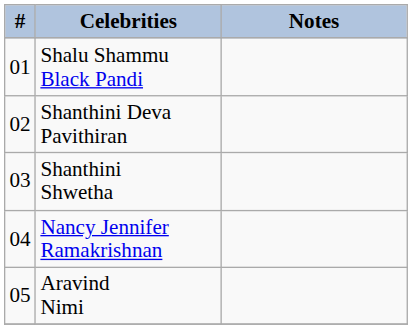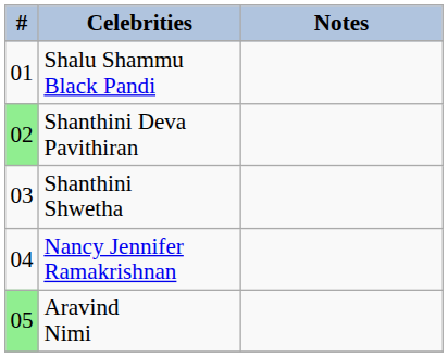 <table class="wikitable">
 <tr>
 <th style="width:10pt; background:LightSteelBlue;">#</th>
 <th style="width:100pt; background:LightSteelBlue;">Celebrities</th>
 <th style="width:100pt; background:LightSteelBlue;">Notes</th>
 </tr>
 <tr>
 </tr>
 <tr>
 <td>01</td>
 <td>Shalu Shammu <br> <a href='#'>Black Pandi</a></td>
 <td></td>
 </tr>
 <tr 2nd runner up>
-<td>02</td>
+<td style="background: lightgreen;">02</td>
 <td>Shanthini Deva <br> Pavithiran</td>
 <td></td>
 </tr>
 <tr 1st runner up>
 <td>03</td>
 <td>Shanthini  <br> Shwetha</td>
 <td></td>
 </tr>
 <tr 3rd runner u>
 <td>04</td>
 <td><a href='#'>Nancy Jennifer</a> <br> <a href='#'>Ramakrishnan</a></td>
 <td></td>
 </tr>
 <tr Left>
-<td>05</td>
+<td style="background: lightgreen;">05</td>
 <td>Aravind <br> Nimi</td>
 <td></td>
 </tr>
 <tr Winners>
 </tr>
 </table>
